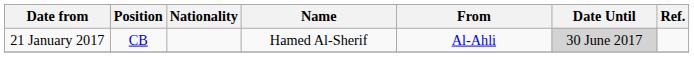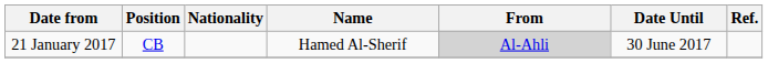 <table class="wikitable"  style="text-align:center; font-size:90%; ">
 <tr>
 <th style="background:FFFFFF; color:#000000; width:100px;">Date from</th>
 <th style="background:FFFFFF; color:#000000; width:50px;">Position</th>
 <th style="background:FFFFFF; color:#000000; width:50px;">Nationality</th>
 <th style="background:FFFFFF; color:#000000; width:150px;">Name</th>
 <th style="background:FFFFFF; color:#000000; width:150px;">From</th>
 <th style="background:FFFFFF; color:#000000; width:100px;">Date Until</th>
 <th style="background:FFFFFF; color:#000000; width:25px;">Ref.</th>
 </tr>
 <tr>
 <td>21 January 2017</td>
 <td><a href='#'>CB</a></td>
 <td></td>
 <td>Hamed Al-Sherif</td>
-<td><a href='#'>Al-Ahli</a></td>
-<td style="background: lightgrey;">30 June 2017</td>
+<td style="background: lightgrey;"><a href='#'>Al-Ahli</a></td>
+<td>30 June 2017</td>
 <td></td>
 </tr>
 <tr>
 </tr>
 </table>
